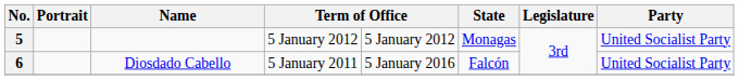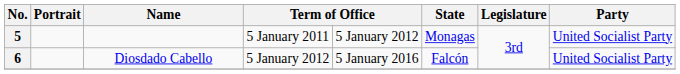 <table class="wikitable" style="text-align:center">
 <tr>
 <th>No.</th>
 <th>Portrait</th>
 <th width="180">Name</th>
 <th colspan="2">Term of Office</th>
 <th>State</th>
 <th>Legislature</th>
 <th>Party</th>
 </tr>
 <tr>
 <th style="background:">5</th>
 <td></td>
 <td></td>
-<td>5 January 2012</td>
+<td>5 January 2011</td>
 <td>5 January 2012</td>
 <td><a href='#'>Monagas</a></td>
 <td rowspan="2"><a href='#'>3rd</a></td>
 <td><a href='#'>United Socialist Party</a></td>
 </tr>
 <tr>
 <th style="background:">6</th>
 <td></td>
 <td><a href='#'>Diosdado Cabello</a></td>
-<td>5 January 2011</td>
+<td>5 January 2012</td>
 <td>5 January 2016</td>
 <td><a href='#'>Falcón</a></td>
 <td><a href='#'>United Socialist Party</a></td>
 </tr>
 <tr>
 </tr>
 </table>
